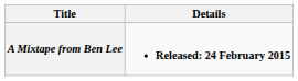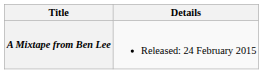 <table class="wikitable plainrowheaders" style="text-align:center">
 <tr>
 <th>Title</th>
 <th>Details</th>
 </tr>
 <tr>
 <th scope="row"><em>A Mixtape from Ben Lee</em></th>
-<td><strong><br><ul><li>Released: 24 February 2015</li></ul></strong></td>
+<td><br><ul><li>Released: 24 February 2015</li></ul></td>
 </tr>
 </table>
